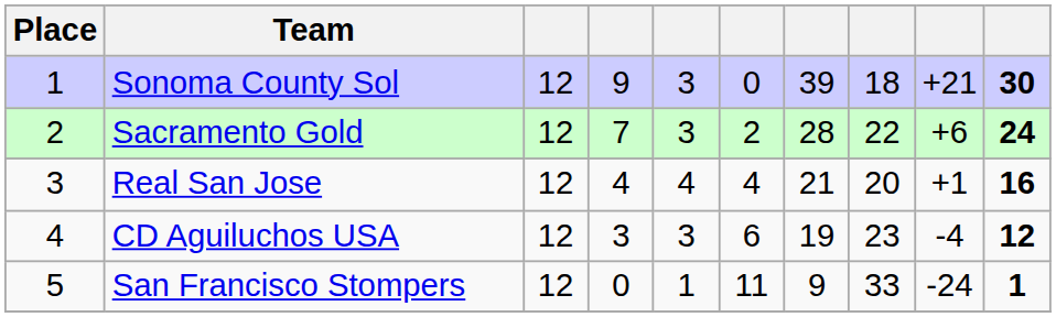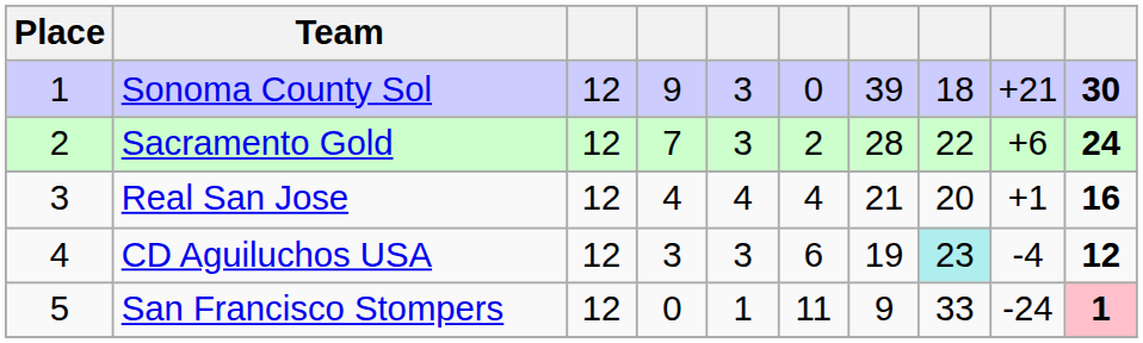 <table class="wikitable" style="text-align: center;">
 <tr>
 <th>Place</th>
 <th width="200">Team</th>
 <th width="25"></th>
 <th width="25"></th>
 <th width="25"></th>
 <th width="25"></th>
 <th width="25"></th>
 <th width="25"></th>
 <th width="25"></th>
 <th width="25"></th>
 </tr>
 <tr bgcolor=#ccccff>
 <td>1</td>
 <td align=left><a href='#'>Sonoma County Sol</a></td>
 <td>12</td>
 <td>9</td>
 <td>3</td>
 <td>0</td>
 <td>39</td>
 <td>18</td>
 <td>+21</td>
 <td><strong>30</strong></td>
 </tr>
 <tr bgcolor=#ccffcc>
 <td>2</td>
 <td align=left><a href='#'>Sacramento Gold</a></td>
 <td>12</td>
 <td>7</td>
 <td>3</td>
 <td>2</td>
 <td>28</td>
 <td>22</td>
 <td>+6</td>
 <td><strong>24</strong></td>
 </tr>
 <tr>
 <td>3</td>
 <td align=left><a href='#'>Real San Jose</a></td>
 <td>12</td>
 <td>4</td>
 <td>4</td>
 <td>4</td>
 <td>21</td>
 <td>20</td>
 <td>+1</td>
 <td><strong>16</strong></td>
 </tr>
 <tr>
 <td>4</td>
 <td align=left><a href='#'>CD Aguiluchos USA</a></td>
 <td>12</td>
 <td>3</td>
 <td>3</td>
 <td>6</td>
 <td>19</td>
-<td>23</td>
+<td style="background: paleturquoise;">23</td>
 <td>-4</td>
 <td><strong>12</strong></td>
 </tr>
 <tr>
 <td>5</td>
 <td align=left><a href='#'>San Francisco Stompers</a></td>
 <td>12</td>
 <td>0</td>
 <td>1</td>
 <td>11</td>
 <td>9</td>
 <td>33</td>
 <td>-24</td>
-<td><strong>1</strong></td>
+<td style="background: pink;"><strong>1</strong></td>
 </tr>
 <tr>
 </tr>
 </table>
